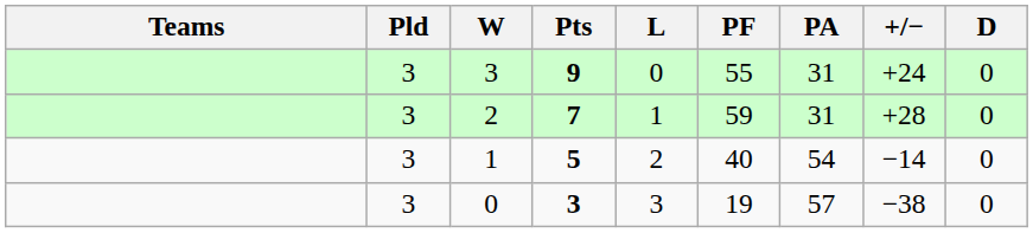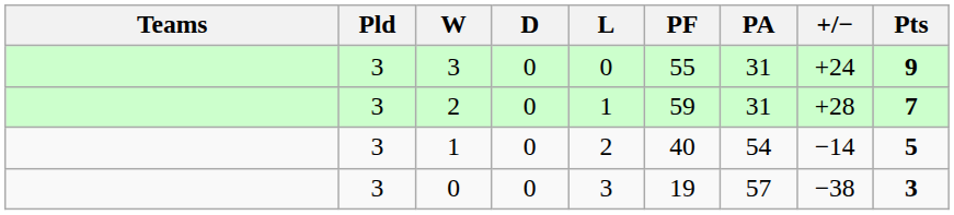 <table class="wikitable" style="text-align: center;">
 <tr>
 <th width="200">Teams</th>
 <th width="40">Pld</th>
 <th width="40">W</th>
-<th width="40">Pts</th>
+<th width="40">D</th>
 <th width="40">L</th>
 <th width="40">PF</th>
 <th width="40">PA</th>
 <th width="40">+/−</th>
-<th width="40">D</th>
+<th width="40">Pts</th>
 </tr>
 <tr bgcolor=ccffcc>
 <td align=left></td>
 <td>3</td>
 <td>3</td>
-<td><strong>9</strong></td>
+<td>0</td>
 <td>0</td>
 <td>55</td>
 <td>31</td>
 <td>+24</td>
-<td>0</td>
+<td><strong>9</strong></td>
 </tr>
 <tr bgcolor=ccffcc>
 <td align=left></td>
 <td>3</td>
 <td>2</td>
-<td><strong>7</strong></td>
+<td>0</td>
 <td>1</td>
 <td>59</td>
 <td>31</td>
 <td>+28</td>
-<td>0</td>
+<td><strong>7</strong></td>
 </tr>
 <tr>
 <td align=left></td>
 <td>3</td>
 <td>1</td>
-<td><strong>5</strong></td>
+<td>0</td>
 <td>2</td>
 <td>40</td>
 <td>54</td>
 <td>−14</td>
-<td>0</td>
+<td><strong>5</strong></td>
 </tr>
 <tr>
 <td align=left></td>
 <td>3</td>
 <td>0</td>
-<td><strong>3</strong></td>
+<td>0</td>
 <td>3</td>
 <td>19</td>
 <td>57</td>
 <td>−38</td>
-<td>0</td>
+<td><strong>3</strong></td>
 </tr>
 </table>
